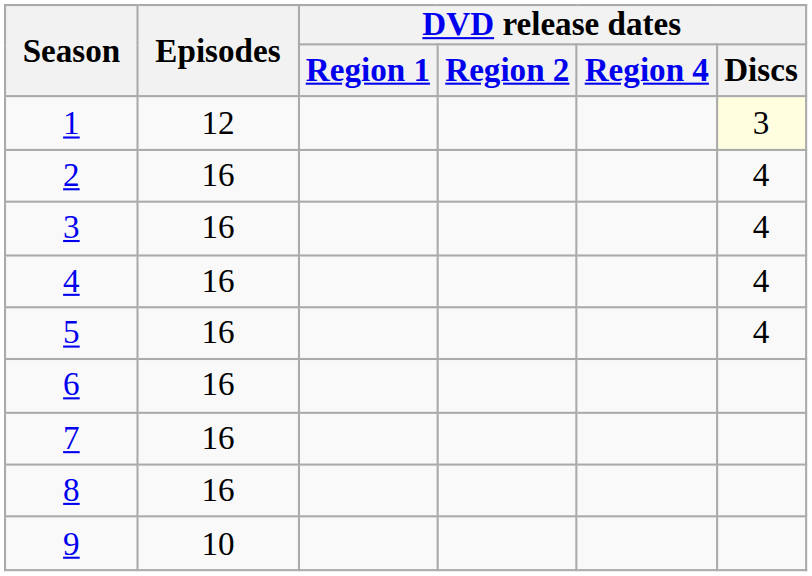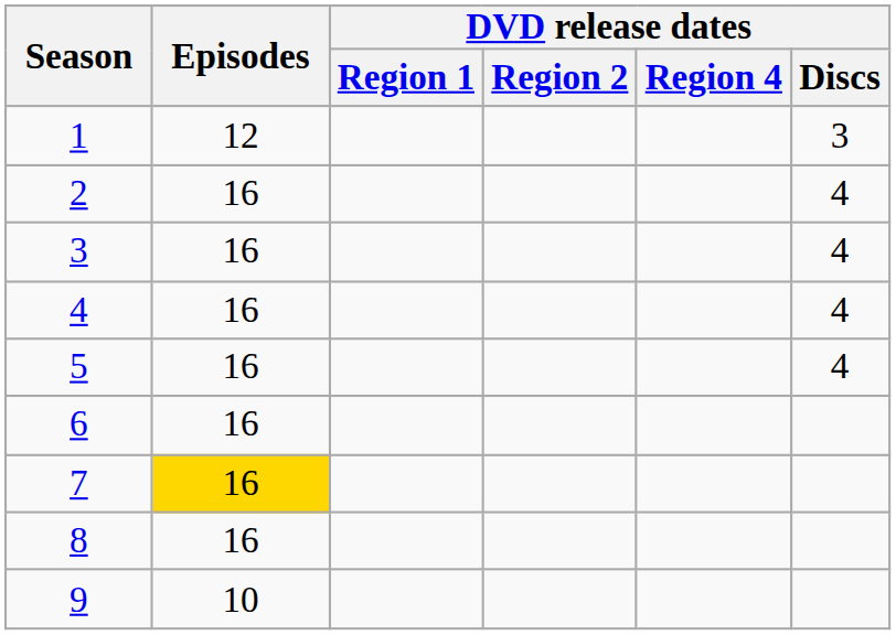 <table class="wikitable plainrowheaders" style="text-align: center;">
 <tr>
 <th scope="col" style="padding:0 8px;" rowspan="2">Season</th>
 <th scope="col" style="padding:0 8px;" rowspan="2">Episodes</th>
 <th scope="col" style="padding:0 8px;" colspan="4"><a href='#'>DVD</a> release dates</th>
 </tr>
 <tr>
 <th scope="col"><a href='#'>Region 1</a></th>
 <th scope="col"><a href='#'>Region 2</a></th>
 <th scope="col"><a href='#'>Region 4</a></th>
 <th scope="col">Discs</th>
 </tr>
 <tr>
 <td scope="row"><a href='#'>1</a></td>
 <td>12</td>
 <td></td>
 <td></td>
 <td></td>
-<td style="background: lightyellow;">3</td>
+<td>3</td>
 </tr>
 <tr>
 <td scope="row"><a href='#'>2</a></td>
 <td>16</td>
 <td></td>
 <td></td>
 <td></td>
 <td>4</td>
 </tr>
 <tr>
 <td scope="row"><a href='#'>3</a></td>
 <td>16</td>
 <td></td>
 <td></td>
 <td></td>
 <td>4</td>
 </tr>
 <tr>
 <td scope="row"><a href='#'>4</a></td>
 <td>16</td>
 <td></td>
 <td></td>
 <td></td>
 <td>4</td>
 </tr>
 <tr>
 <td scope="row"><a href='#'>5</a></td>
 <td>16</td>
 <td></td>
 <td></td>
 <td></td>
 <td>4</td>
 </tr>
 <tr>
 <td scope="row"><a href='#'>6</a></td>
 <td>16</td>
 <td></td>
 <td></td>
 <td></td>
 <td></td>
 </tr>
 <tr>
 <td scope="row"><a href='#'>7</a></td>
-<td>16</td>
+<td style="background: gold;">16</td>
 <td></td>
 <td></td>
 <td></td>
 <td></td>
 </tr>
 <tr>
 <td scope="row"><a href='#'>8</a></td>
 <td>16</td>
 <td></td>
 <td></td>
 <td></td>
 <td></td>
 </tr>
 <tr>
 <td scope="row"><a href='#'>9</a></td>
 <td>10</td>
 <td></td>
 <td></td>
 <td></td>
 <td></td>
 </tr>
 </table>
